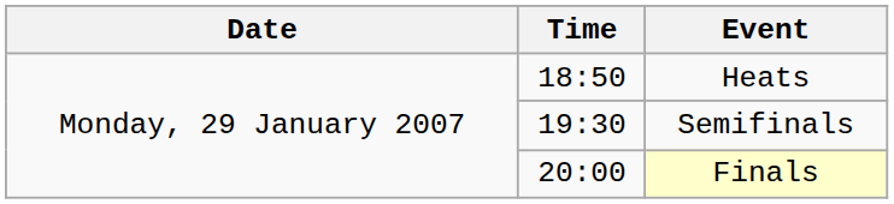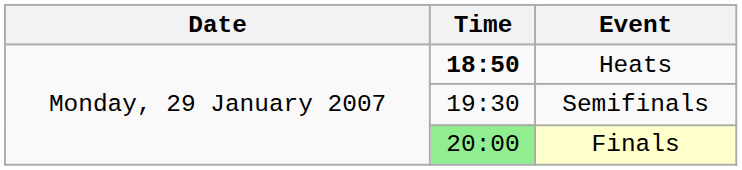 <table class = "wikitable" style="text-align:center;">
 <tr>
 <th width=220>Date</th>
 <th width=50>Time</th>
 <th width=100>Event</th>
 </tr>
 <tr>
 <td rowspan=3>Monday, 29 January 2007</td>
-<td>18:50</td>
+<td><strong>18:50</strong></td>
 <td>Heats</td>
 </tr>
 <tr>
 <td>19:30</td>
 <td>Semifinals</td>
 </tr>
 <tr>
-<td>20:00</td>
+<td style="background: lightgreen;">20:00</td>
 <td bgcolor=ffffcc>Finals</td>
 </tr>
 </table>
